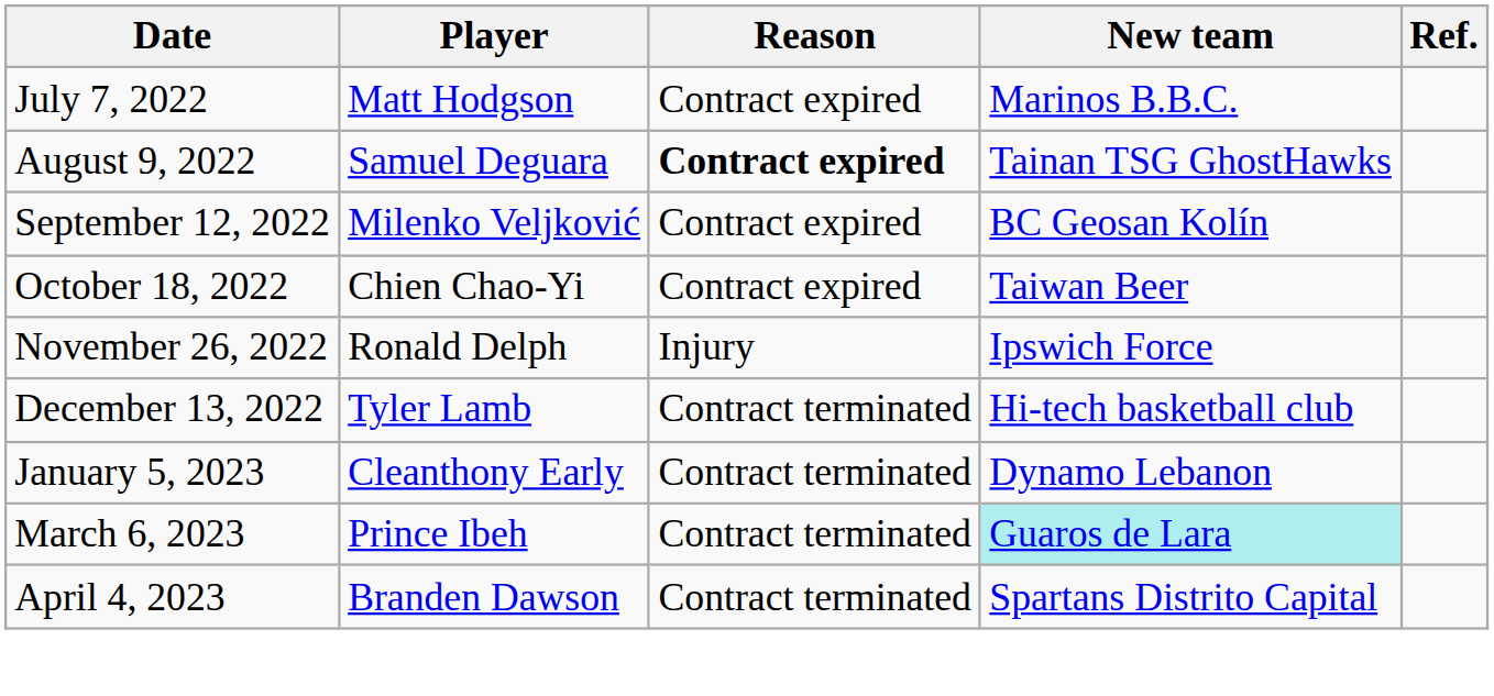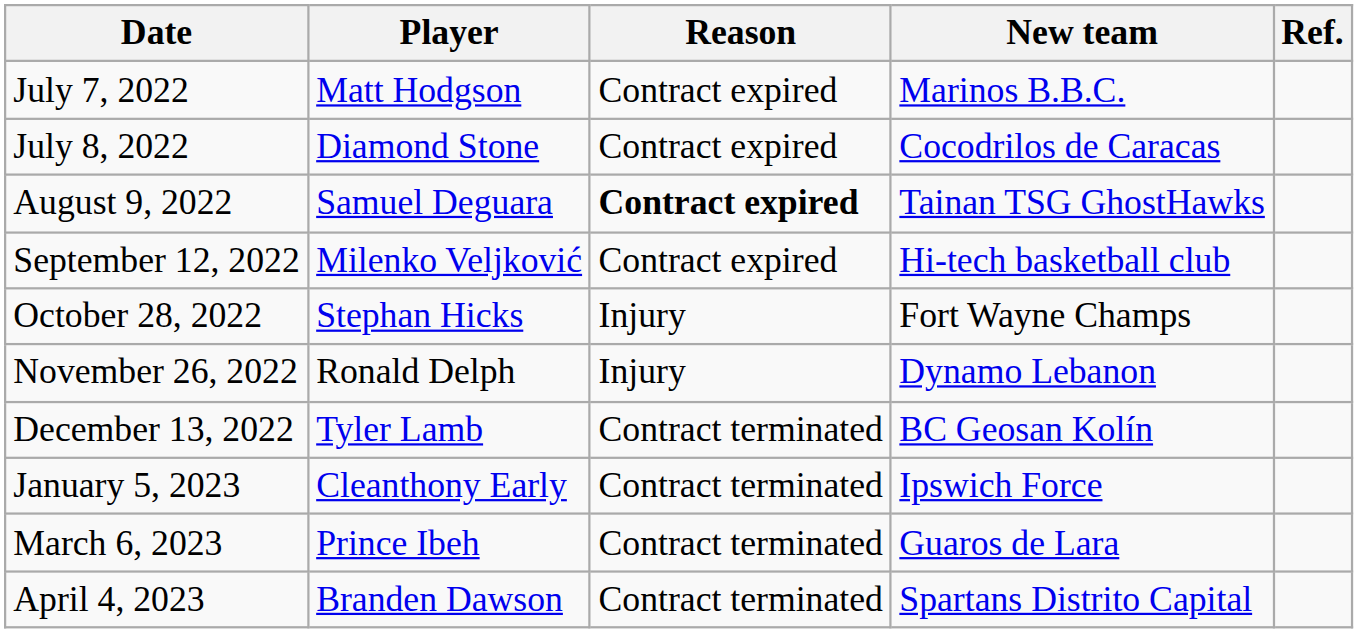 <table class="wikitable">
 <tr>
 <th>Date</th>
 <th>Player</th>
 <th>Reason</th>
 <th>New team</th>
 <th>Ref.</th>
 </tr>
 <tr>
 <td>July 7, 2022</td>
 <td><a href='#'>Matt Hodgson</a></td>
 <td>Contract expired</td>
 <td> <a href='#'>Marinos B.B.C.</a></td>
 <td></td>
 </tr>
 <tr>
+<td>July 8, 2022</td>
+<td><a href='#'>Diamond Stone</a></td>
+<td>Contract expired</td>
+<td> <a href='#'>Cocodrilos de Caracas</a></td>
+<td></td>
+</tr>
+<tr>
 <td>August 9, 2022</td>
 <td><a href='#'>Samuel Deguara</a></td>
 <td><strong>Contract expired</strong></td>
 <td> <a href='#'>Tainan TSG GhostHawks</a></td>
 <td></td>
 </tr>
 <tr>
 <td>September 12, 2022</td>
 <td><a href='#'>Milenko Veljković</a></td>
 <td>Contract expired</td>
-<td> <a href='#'>BC Geosan Kolín</a></td>
+<td> <a href='#'>Hi-tech basketball club</a></td>
 <td></td>
 </tr>
 <tr>
-<td>October 18, 2022</td>
-<td>Chien Chao-Yi</td>
-<td>Contract expired</td>
-<td> <a href='#'>Taiwan Beer</a></td>
+<td>October 28, 2022</td>
+<td><a href='#'>Stephan Hicks</a></td>
+<td>Injury</td>
+<td> Fort Wayne Champs</td>
 <td></td>
 </tr>
 <tr>
 <td>November 26, 2022</td>
 <td>Ronald Delph</td>
 <td>Injury</td>
-<td> <a href='#'>Ipswich Force</a></td>
+<td> <a href='#'>Dynamo Lebanon</a></td>
 <td></td>
 </tr>
 <tr>
 <td>December 13, 2022</td>
 <td><a href='#'>Tyler Lamb</a></td>
 <td>Contract terminated</td>
-<td> <a href='#'>Hi-tech basketball club</a></td>
+<td> <a href='#'>BC Geosan Kolín</a></td>
 <td></td>
 </tr>
 <tr>
 <td>January 5, 2023</td>
 <td><a href='#'>Cleanthony Early</a></td>
 <td>Contract terminated</td>
-<td> <a href='#'>Dynamo Lebanon</a></td>
+<td> <a href='#'>Ipswich Force</a></td>
 <td></td>
 </tr>
 <tr>
 <td>March 6, 2023</td>
 <td><a href='#'>Prince Ibeh</a></td>
 <td>Contract terminated</td>
-<td style="background: paleturquoise;"> <a href='#'>Guaros de Lara</a></td>
+<td> <a href='#'>Guaros de Lara</a></td>
 <td></td>
 </tr>
 <tr>
 <td>April 4, 2023</td>
 <td><a href='#'>Branden Dawson</a></td>
 <td>Contract terminated</td>
 <td> <a href='#'>Spartans Distrito Capital</a></td>
 <td></td>
 </tr>
 </table>
